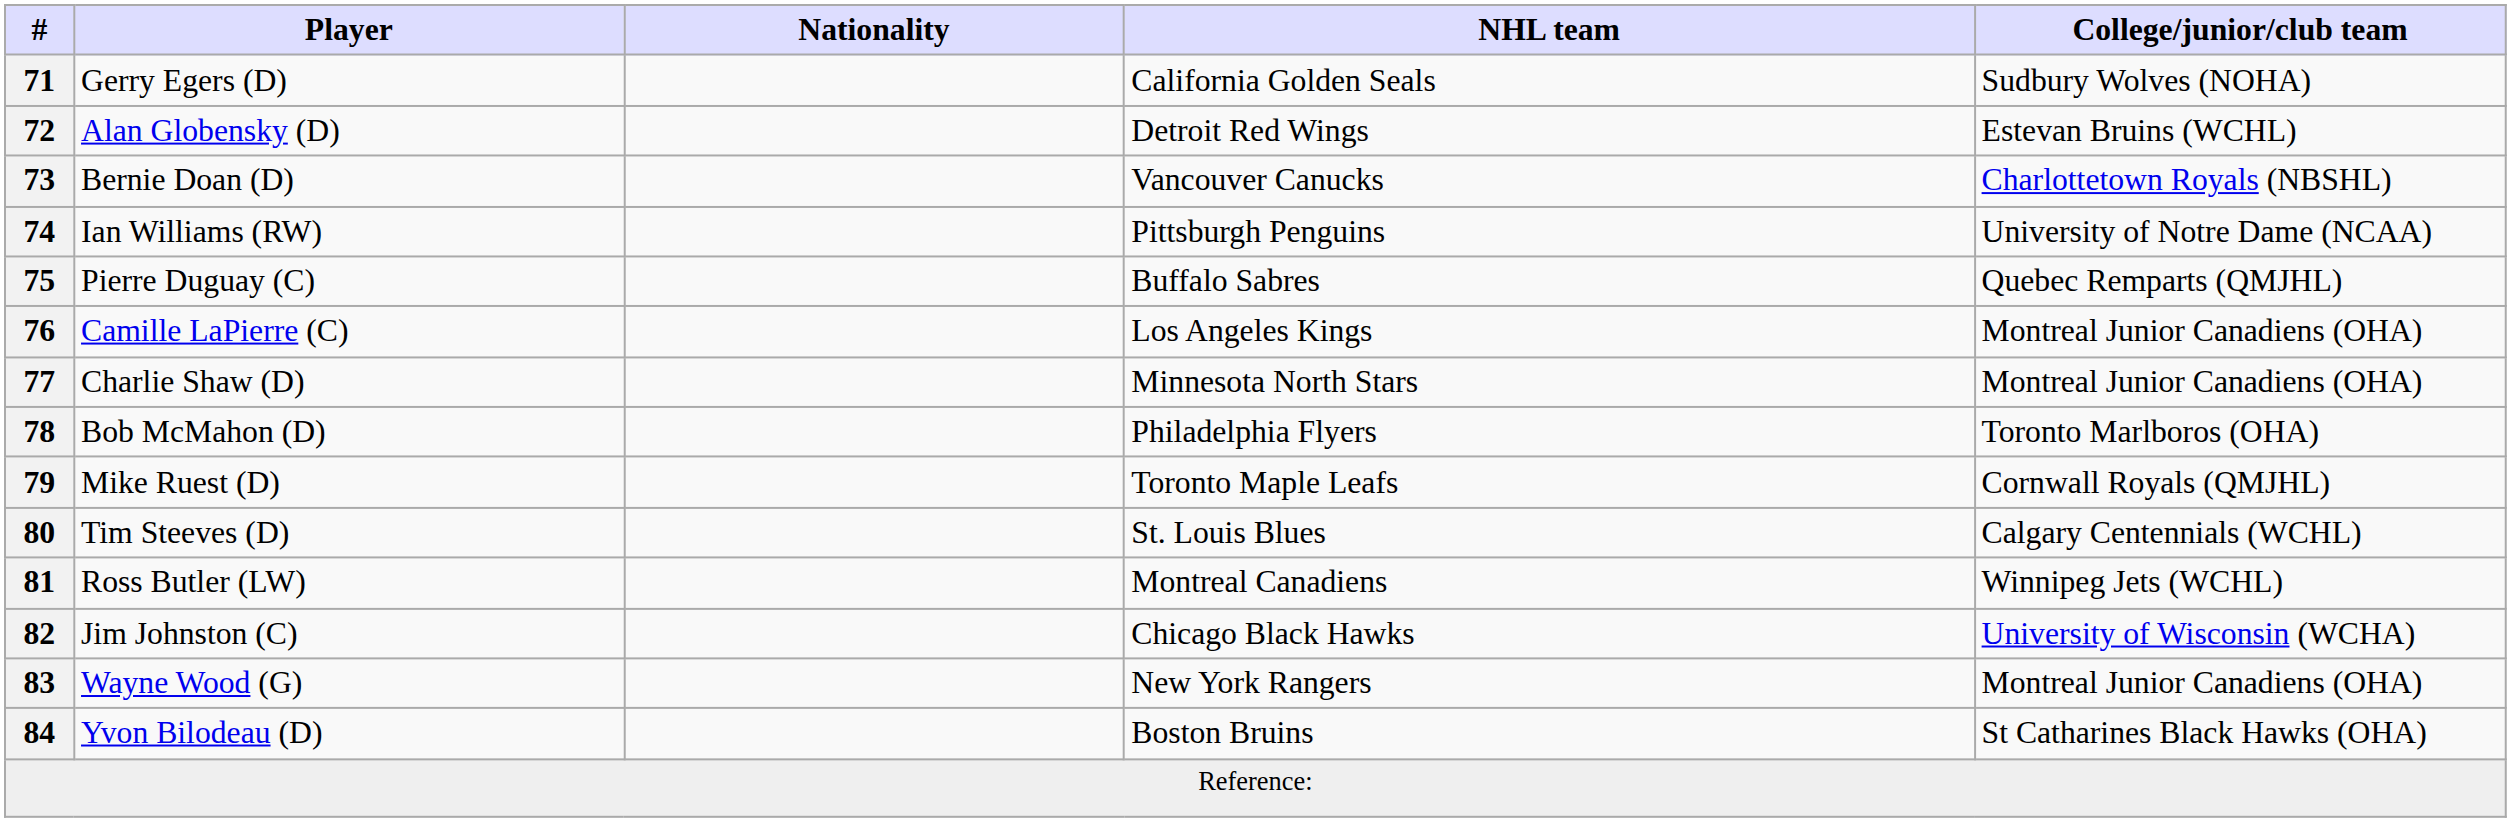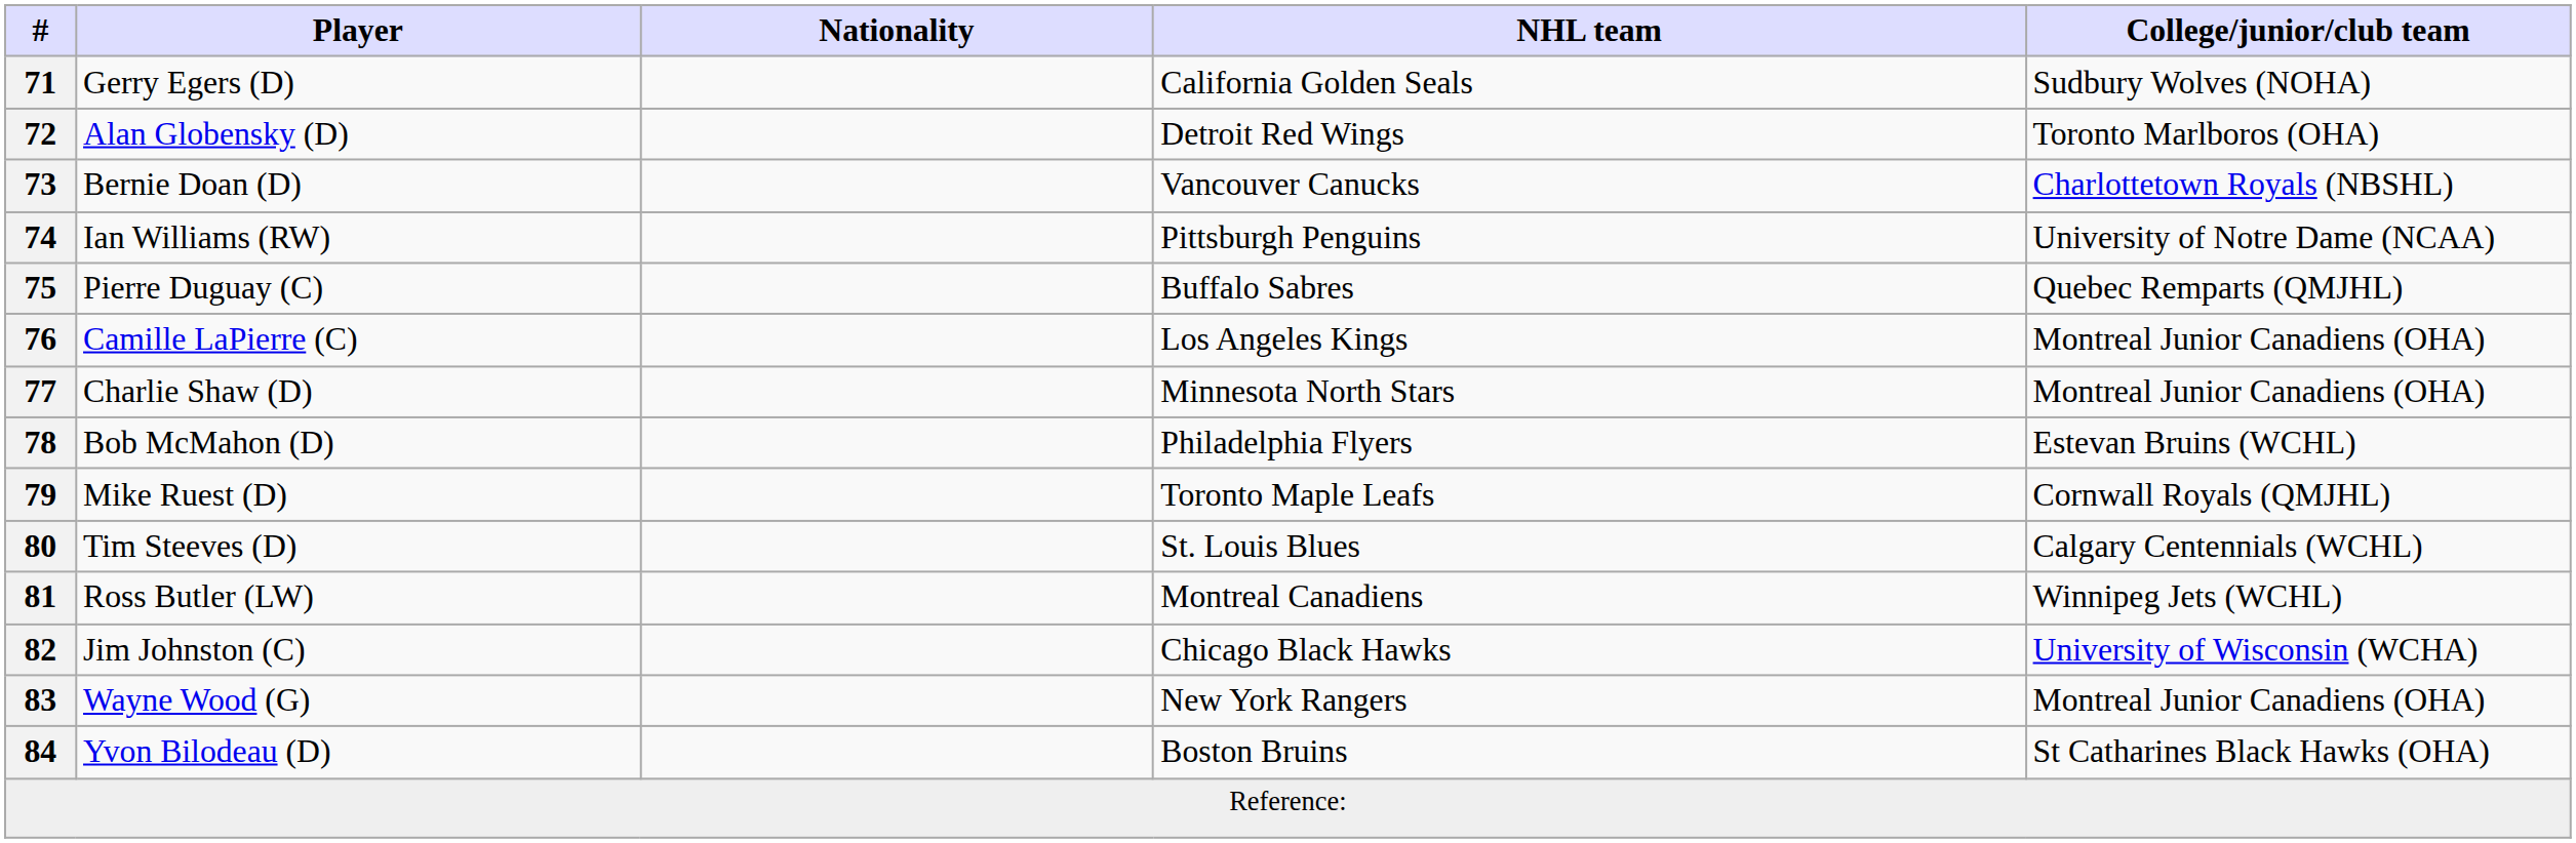 <table class="wikitable" style="width: 100%">
 <tr>
 <th style="background:#ddf; width:2.75%;">#</th>
 <th style="background:#ddf; width:22.0%;">Player</th>
 <th style="background:#ddf; width:20.0%;">Nationality</th>
 <th style="background:#ddf; width:34.0%;">NHL team</th>
 <th style="background:#ddf; width:100.0%;">College/junior/club team</th>
 </tr>
 <tr>
 <th>71</th>
 <td>Gerry Egers (D)</td>
 <td></td>
 <td>California Golden Seals</td>
 <td>Sudbury Wolves (NOHA)</td>
 </tr>
 <tr>
 <th>72</th>
 <td><a href='#'>Alan Globensky</a> (D)</td>
 <td></td>
 <td>Detroit Red Wings</td>
-<td>Estevan Bruins (WCHL)</td>
+<td>Toronto Marlboros (OHA)</td>
 </tr>
 <tr>
 <th>73</th>
 <td>Bernie Doan (D)</td>
 <td></td>
 <td>Vancouver Canucks</td>
 <td><a href='#'>Charlottetown Royals</a> (NBSHL)</td>
 </tr>
 <tr>
 <th>74</th>
 <td>Ian Williams (RW)</td>
 <td></td>
 <td>Pittsburgh Penguins</td>
 <td>University of Notre Dame (NCAA)</td>
 </tr>
 <tr>
 <th>75</th>
 <td>Pierre Duguay (C)</td>
 <td></td>
 <td>Buffalo Sabres</td>
 <td>Quebec Remparts (QMJHL)</td>
 </tr>
 <tr>
 <th>76</th>
 <td><a href='#'>Camille LaPierre</a> (C)</td>
 <td></td>
 <td>Los Angeles Kings</td>
 <td>Montreal Junior Canadiens (OHA)</td>
 </tr>
 <tr>
 <th>77</th>
 <td>Charlie Shaw (D)</td>
 <td></td>
 <td>Minnesota North Stars</td>
 <td>Montreal Junior Canadiens (OHA)</td>
 </tr>
 <tr>
 <th>78</th>
 <td>Bob McMahon (D)</td>
 <td></td>
 <td>Philadelphia Flyers</td>
-<td>Toronto Marlboros (OHA)</td>
+<td>Estevan Bruins (WCHL)</td>
 </tr>
 <tr>
 <th>79</th>
 <td>Mike Ruest (D)</td>
 <td></td>
 <td>Toronto Maple Leafs</td>
 <td>Cornwall Royals (QMJHL)</td>
 </tr>
 <tr>
 <th>80</th>
 <td>Tim Steeves (D)</td>
 <td></td>
 <td>St. Louis Blues</td>
 <td>Calgary Centennials (WCHL)</td>
 </tr>
 <tr>
 <th>81</th>
 <td>Ross Butler (LW)</td>
 <td></td>
 <td>Montreal Canadiens</td>
 <td>Winnipeg Jets (WCHL)</td>
 </tr>
 <tr>
 <th>82</th>
 <td>Jim Johnston (C)</td>
 <td></td>
 <td>Chicago Black Hawks</td>
 <td><a href='#'>University of Wisconsin</a> (WCHA)</td>
 </tr>
 <tr>
 <th>83</th>
 <td><a href='#'>Wayne Wood</a> (G)</td>
 <td></td>
 <td>New York Rangers</td>
 <td>Montreal Junior Canadiens (OHA)</td>
 </tr>
 <tr>
 <th>84</th>
 <td><a href='#'>Yvon Bilodeau</a> (D)</td>
 <td></td>
 <td>Boston Bruins</td>
 <td>St Catharines Black Hawks (OHA)</td>
 </tr>
 <tr>
 <td align=center colspan="6" bgcolor="#efefef"><sup>Reference: </sup></td>
 </tr>
 </table>
